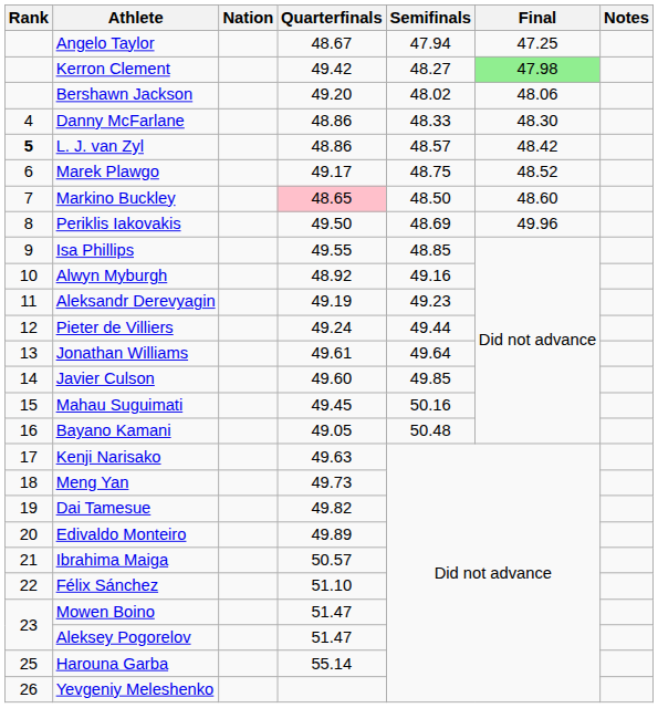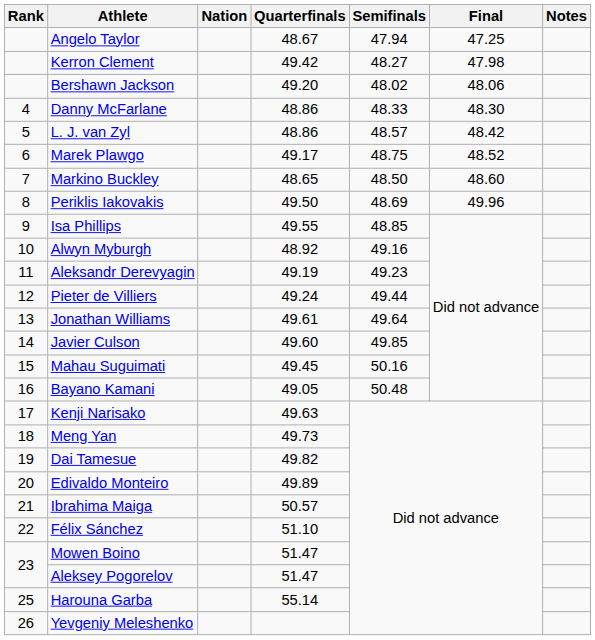 <table class="wikitable sortable" style="text-align:center">
 <tr>
 <th>Rank</th>
 <th>Athlete</th>
 <th>Nation</th>
 <th>Quarterfinals</th>
 <th>Semifinals</th>
 <th>Final</th>
 <th>Notes</th>
 </tr>
 <tr>
 <td></td>
 <td align=left><a href='#'>Angelo Taylor</a></td>
 <td align=left></td>
 <td>48.67</td>
 <td>47.94</td>
 <td>47.25</td>
 <td></td>
 </tr>
 <tr>
 <td></td>
 <td align=left><a href='#'>Kerron Clement</a></td>
 <td align=left></td>
 <td>49.42</td>
 <td>48.27</td>
-<td style="background: lightgreen;">47.98</td>
+<td>47.98</td>
 <td></td>
 </tr>
 <tr>
 <td></td>
 <td align=left><a href='#'>Bershawn Jackson</a></td>
 <td align=left></td>
 <td>49.20</td>
 <td>48.02</td>
 <td>48.06</td>
 <td></td>
 </tr>
 <tr>
 <td>4</td>
 <td align=left><a href='#'>Danny McFarlane</a></td>
 <td align=left></td>
 <td>48.86</td>
 <td>48.33</td>
 <td>48.30</td>
 <td></td>
 </tr>
 <tr>
-<td><strong>5</strong></td>
+<td>5</td>
 <td align=left><a href='#'>L. J. van Zyl</a></td>
 <td align=left></td>
 <td>48.86</td>
 <td>48.57</td>
 <td>48.42</td>
 <td></td>
 </tr>
 <tr>
 <td>6</td>
 <td align=left><a href='#'>Marek Plawgo</a></td>
 <td align=left></td>
 <td>49.17</td>
 <td>48.75</td>
 <td>48.52</td>
 <td></td>
 </tr>
 <tr>
 <td>7</td>
 <td align=left><a href='#'>Markino Buckley</a></td>
 <td align=left></td>
-<td style="background: pink;">48.65</td>
+<td>48.65</td>
 <td>48.50</td>
 <td>48.60</td>
 <td></td>
 </tr>
 <tr>
 <td>8</td>
 <td align=left><a href='#'>Periklis Iakovakis</a></td>
 <td align=left></td>
 <td>49.50</td>
 <td>48.69</td>
 <td>49.96</td>
 <td></td>
 </tr>
 <tr>
 <td>9</td>
 <td align=left><a href='#'>Isa Phillips</a></td>
 <td align=left></td>
 <td>49.55</td>
 <td>48.85</td>
 <td rowspan=8 data-sort-value=99.99>Did not advance</td>
 <td></td>
 </tr>
 <tr>
 <td>10</td>
 <td align=left><a href='#'>Alwyn Myburgh</a></td>
 <td align=left></td>
 <td>48.92</td>
 <td>49.16</td>
 <td></td>
 </tr>
 <tr>
 <td>11</td>
 <td align=left><a href='#'>Aleksandr Derevyagin</a></td>
 <td align=left></td>
 <td>49.19</td>
 <td>49.23</td>
 <td></td>
 </tr>
 <tr>
 <td>12</td>
 <td align=left><a href='#'>Pieter de Villiers</a></td>
 <td align=left></td>
 <td>49.24</td>
 <td>49.44</td>
 <td></td>
 </tr>
 <tr>
 <td>13</td>
 <td align=left><a href='#'>Jonathan Williams</a></td>
 <td align=left></td>
 <td>49.61</td>
 <td>49.64</td>
 <td></td>
 </tr>
 <tr>
 <td>14</td>
 <td align=left><a href='#'>Javier Culson</a></td>
 <td align=left></td>
 <td>49.60</td>
 <td>49.85</td>
 <td></td>
 </tr>
 <tr>
 <td>15</td>
 <td align=left><a href='#'>Mahau Suguimati</a></td>
 <td align=left></td>
 <td>49.45</td>
 <td>50.16</td>
 <td></td>
 </tr>
 <tr>
 <td>16</td>
 <td align=left><a href='#'>Bayano Kamani</a></td>
 <td align=left></td>
 <td>49.05</td>
 <td>50.48</td>
 <td></td>
 </tr>
 <tr>
 <td>17</td>
 <td align=left><a href='#'>Kenji Narisako</a></td>
 <td align=left></td>
 <td>49.63</td>
 <td rowspan=10 colspan=2 data-sort-value=99.99>Did not advance</td>
 <td></td>
 </tr>
 <tr>
 <td>18</td>
 <td align=left><a href='#'>Meng Yan</a></td>
 <td align=left></td>
 <td>49.73</td>
 <td></td>
 </tr>
 <tr>
 <td>19</td>
 <td align=left><a href='#'>Dai Tamesue</a></td>
 <td align=left></td>
 <td>49.82</td>
 <td></td>
 </tr>
 <tr>
 <td>20</td>
 <td align=left><a href='#'>Edivaldo Monteiro</a></td>
 <td align=left></td>
 <td>49.89</td>
 <td></td>
 </tr>
 <tr>
 <td>21</td>
 <td align=left><a href='#'>Ibrahima Maiga</a></td>
 <td align=left></td>
 <td>50.57</td>
 <td></td>
 </tr>
 <tr>
 <td>22</td>
 <td align=left><a href='#'>Félix Sánchez</a></td>
 <td align=left></td>
 <td>51.10</td>
 <td></td>
 </tr>
 <tr>
 <td rowspan=2>23</td>
 <td align=left><a href='#'>Mowen Boino</a></td>
 <td align=left></td>
 <td>51.47</td>
 <td></td>
 </tr>
 <tr>
 <td align=left><a href='#'>Aleksey Pogorelov</a></td>
 <td align=left></td>
 <td>51.47</td>
 <td></td>
 </tr>
 <tr>
 <td>25</td>
 <td align=left><a href='#'>Harouna Garba</a></td>
 <td align=left></td>
 <td>55.14</td>
 <td></td>
 </tr>
 <tr>
 <td>26</td>
 <td align=left><a href='#'>Yevgeniy Meleshenko</a></td>
 <td align=left></td>
 <td data-sort-value=80.00></td>
 <td></td>
 </tr>
 </table>
